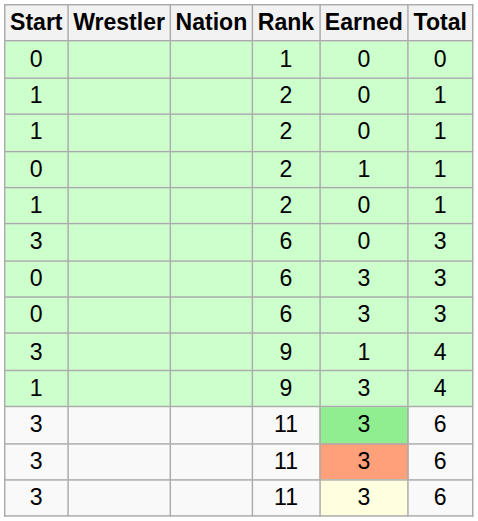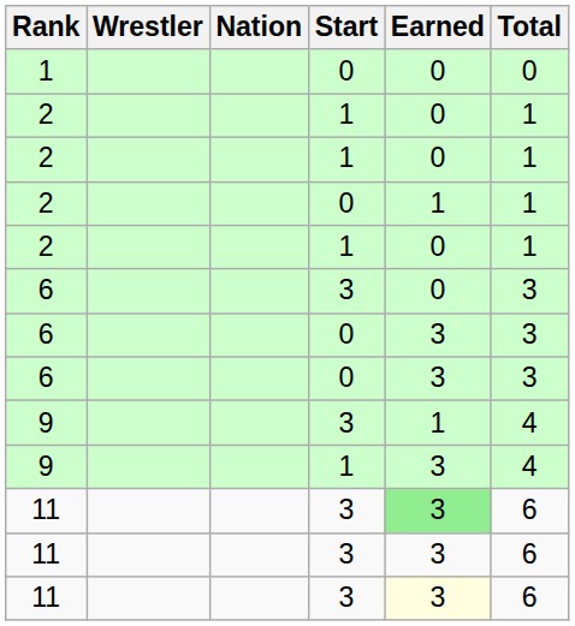 <table class="wikitable sortable" style="text-align:center;">
 <tr>
-<th>Start</th>
+<th>Rank</th>
 <th>Wrestler</th>
 <th>Nation</th>
-<th>Rank</th>
+<th>Start</th>
 <th>Earned</th>
 <th>Total</th>
-</tr>
-<tr style="background:#cfc;">
-<td>0</td>
-<td align=left></td>
-<td align=left></td>
-<td>1</td>
-<td>0</td>
-<td>0</td>
 </tr>
 <tr style="background:#cfc;">
 <td>1</td>
 <td align=left></td>
 <td align=left></td>
+<td>0</td>
+<td>0</td>
+<td>0</td>
+</tr>
+<tr style="background:#cfc;">
 <td>2</td>
+<td align=left></td>
+<td align=left></td>
+<td>1</td>
 <td>0</td>
 <td>1</td>
 </tr>
 <tr style="background:#cfc;">
-<td>1</td>
+<td>2</td>
 <td align=left></td>
 <td align=left></td>
-<td>2</td>
+<td>1</td>
 <td>0</td>
 <td>1</td>
 </tr>
 <tr style="background:#cfc;">
-<td>0</td>
+<td>2</td>
 <td align=left></td>
 <td align=left></td>
-<td>2</td>
+<td>0</td>
 <td>1</td>
 <td>1</td>
 </tr>
 <tr style="background:#cfc;">
-<td>1</td>
+<td>2</td>
 <td align=left></td>
 <td align=left></td>
-<td>2</td>
+<td>1</td>
 <td>0</td>
 <td>1</td>
 </tr>
 <tr style="background:#cfc;">
-<td>3</td>
+<td>6</td>
 <td align=left></td>
 <td align=left></td>
-<td>6</td>
+<td>3</td>
 <td>0</td>
 <td>3</td>
 </tr>
 <tr style="background:#cfc;">
-<td>0</td>
+<td>6</td>
 <td align=left></td>
 <td align=left></td>
-<td>6</td>
+<td>0</td>
 <td>3</td>
 <td>3</td>
 </tr>
 <tr style="background:#cfc;">
-<td>0</td>
+<td>6</td>
 <td align=left></td>
 <td align=left></td>
-<td>6</td>
+<td>0</td>
 <td>3</td>
 <td>3</td>
 </tr>
 <tr style="background:#cfc;">
-<td>3</td>
+<td>9</td>
 <td align=left></td>
 <td align=left></td>
-<td>9</td>
+<td>3</td>
 <td>1</td>
 <td>4</td>
 </tr>
 <tr style="background:#cfc;">
-<td>1</td>
+<td>9</td>
 <td align=left></td>
 <td align=left></td>
-<td>9</td>
+<td>1</td>
 <td>3</td>
 <td>4</td>
 </tr>
 <tr>
-<td>3</td>
+<td>11</td>
 <td align=left></td>
 <td align=left></td>
-<td>11</td>
+<td>3</td>
 <td style="background: lightgreen;">3</td>
 <td>6</td>
 </tr>
 <tr>
-<td>3</td>
+<td>11</td>
 <td align=left></td>
 <td align=left></td>
-<td>11</td>
-<td style="background: lightsalmon;">3</td>
+<td>3</td>
+<td>3</td>
 <td>6</td>
 </tr>
 <tr>
-<td>3</td>
+<td>11</td>
 <td align=left></td>
 <td align=left></td>
-<td>11</td>
+<td>3</td>
 <td style="background: lightyellow;">3</td>
 <td>6</td>
 </tr>
 </table>
